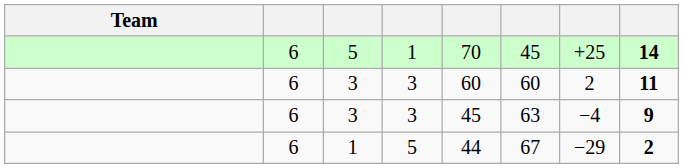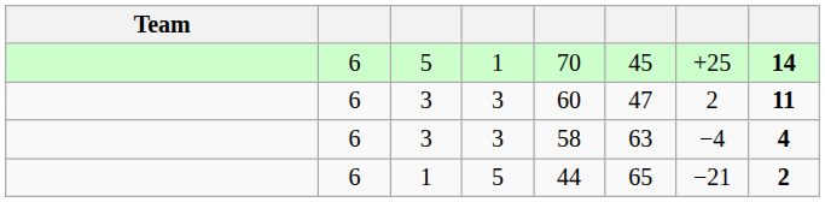 <table class=wikitable style="text-align:center">
 <tr>
 <th width=200>Team</th>
 <th width=40></th>
 <th width=40></th>
 <th width=40></th>
 <th width=40></th>
 <th width=40></th>
 <th width=40></th>
 <th width=40></th>
 </tr>
 <tr bgcolor=ccffcc>
 <td align=left></td>
 <td>6</td>
 <td>5</td>
 <td>1</td>
 <td>70</td>
 <td>45</td>
 <td>+25</td>
 <td><strong>14</strong></td>
 </tr>
 <tr>
 <td align=left></td>
 <td>6</td>
 <td>3</td>
 <td>3</td>
 <td>60</td>
-<td>60</td>
+<td>47</td>
 <td>2</td>
 <td><strong>11</strong></td>
 </tr>
 <tr>
 <td align=left></td>
 <td>6</td>
 <td>3</td>
 <td>3</td>
-<td>45</td>
+<td>58</td>
 <td>63</td>
 <td>−4</td>
-<td><strong>9</strong></td>
+<td><strong>4</strong></td>
 </tr>
 <tr>
 <td align=left></td>
 <td>6</td>
 <td>1</td>
 <td>5</td>
 <td>44</td>
-<td>67</td>
-<td>−29</td>
+<td>65</td>
+<td>−21</td>
 <td><strong>2</strong></td>
 </tr>
 </table>
